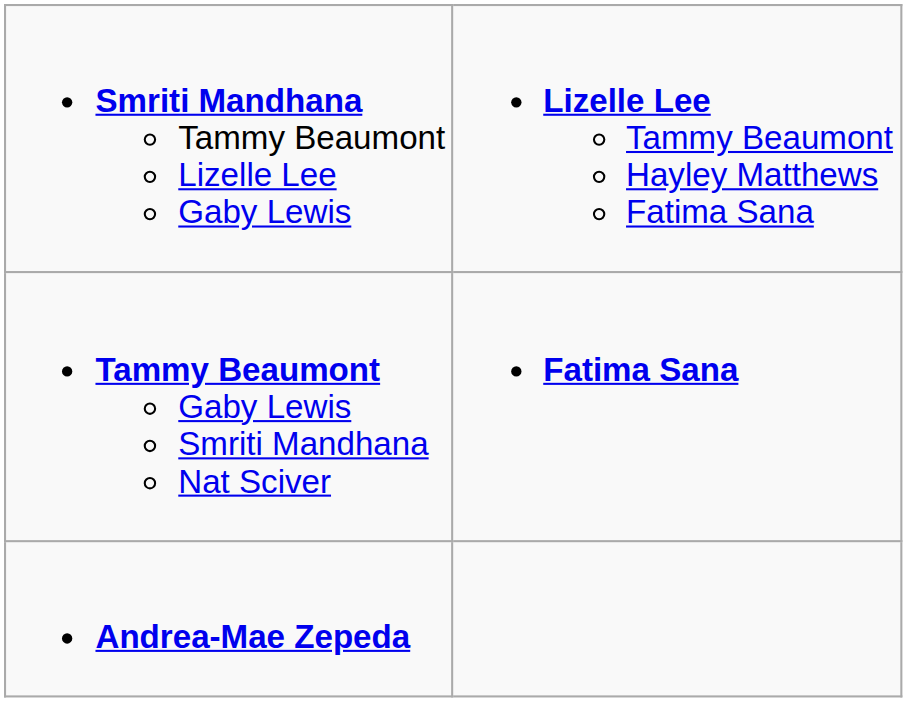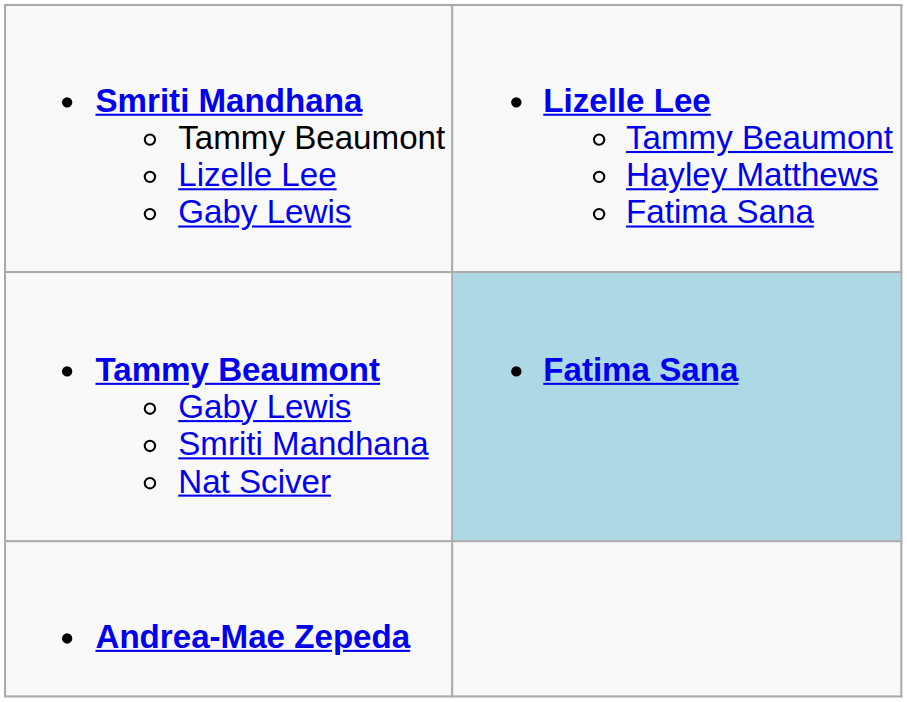 <table class=wikitable>
 <tr>
 <td valign="top" width="50%"><br><ul><li><strong> <a href='#'>Smriti Mandhana</a></strong><ul><li> Tammy Beaumont</li><li> <a href='#'>Lizelle Lee</a></li><li> <a href='#'>Gaby Lewis</a></li></ul></li></ul></td>
 <td valign="top" width="50%"><br><ul><li><strong> <a href='#'>Lizelle Lee</a></strong><ul><li> <a href='#'>Tammy Beaumont</a></li><li> <a href='#'>Hayley Matthews</a></li><li> <a href='#'>Fatima Sana</a></li></ul></li></ul></td>
 </tr>
 <tr>
 <td valign="top" width="50%"><br><ul><li><strong> <a href='#'>Tammy Beaumont</a></strong><ul><li> <a href='#'>Gaby Lewis</a></li><li> <a href='#'>Smriti Mandhana</a></li><li> <a href='#'>Nat Sciver</a></li></ul></li></ul></td>
-<td valign="top" width="50%"><br><ul><li><strong> <a href='#'>Fatima Sana</a></strong></li></ul></td>
+<td valign="top" width="50%" style="background: lightblue;"><br><ul><li><strong> <a href='#'>Fatima Sana</a></strong></li></ul></td>
 </tr>
 <tr>
 <td valign="top" width="50%"><br><ul><li><strong> <a href='#'>Andrea-Mae Zepeda</a></strong></li></ul></td>
 </tr>
 </table>
